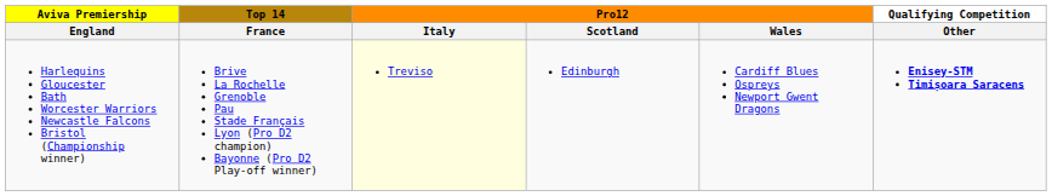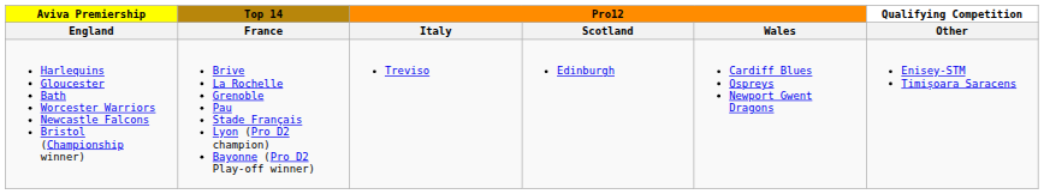 <table class="wikitable" style="width:100%;">
 <tr>
 <th style="background: #ffff00;">Aviva Premiership</th>
 <th style="background: #b8860b;">Top 14</th>
 <th colspan="3" style="background: #ff8c00;">Pro12</th>
 <th style="background: #ffffff;">Qualifying Competition</th>
 </tr>
 <tr>
 <th width=14%> England</th>
 <th width=14%> France</th>
 <th width=14%> Italy</th>
 <th width=14%> Scotland</th>
 <th width=14%> Wales</th>
 <th width=14%> Other<br></th>
 </tr>
 <tr valign=top>
 <td><br><ul><li><a href='#'>Harlequins</a></li><li><a href='#'>Gloucester</a></li><li><a href='#'>Bath</a></li><li><a href='#'>Worcester Warriors</a></li><li><a href='#'>Newcastle Falcons</a></li><li><a href='#'>Bristol</a> (<a href='#'>Championship</a> winner)</li></ul></td>
 <td><br><ul><li><a href='#'>Brive</a></li><li><a href='#'>La Rochelle</a></li><li><a href='#'>Grenoble</a></li><li><a href='#'>Pau</a></li><li><a href='#'>Stade Français</a></li><li><a href='#'>Lyon</a> (<a href='#'>Pro D2</a> champion)</li><li><a href='#'>Bayonne</a> (<a href='#'>Pro D2</a> Play-off winner)</li></ul></td>
-<td style="background: lightyellow;"><br><ul><li><a href='#'>Treviso</a></li></ul></td>
+<td><br><ul><li><a href='#'>Treviso</a></li></ul></td>
 <td><br><ul><li><a href='#'>Edinburgh</a></li></ul></td>
 <td><br><ul><li><a href='#'>Cardiff Blues</a></li><li><a href='#'>Ospreys</a></li><li><a href='#'>Newport Gwent Dragons</a></li></ul></td>
-<td><strong><br><ul><li> <a href='#'>Enisey-STM</a></li><li> <a href='#'>Timișoara Saracens</a></li></ul></strong></td>
+<td><br><ul><li> <a href='#'>Enisey-STM</a></li><li> <a href='#'>Timișoara Saracens</a></li></ul></td>
 </tr>
 </table>
